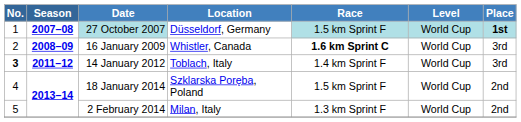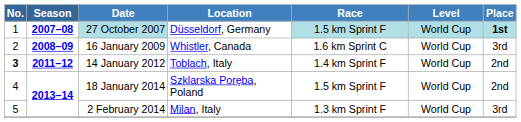 <table class="wikitable sortable" style="font-size:95%; text-align:center; border:grey solid 1px; border-collapse:collapse; background:#ffffff;">
 <tr style="background:#efefef;">
 <th style="background-color:#369; color:white;">No.</th>
 <th style="background-color:#369; color:white;">Season</th>
 <th style="background-color:#4180be; color:white; width:120px;">Date</th>
 <th style="background-color:#4180be; color:white; width:170px;">Location</th>
 <th style="background-color:#4180be; color:white; width:160px;">Race</th>
 <th style="background-color:#4180be; color:white; width:100px;">Level</th>
 <th style="background-color:#4180be; color:white;">Place</th>
 </tr>
 <tr>
 <td align=center>1</td>
 <td rowspan=1 align=center><strong><a href='#'>2007–08</a></strong></td>
 <td bgcolor="#BOEOE6" align=right>27 October 2007</td>
 <td align=left> <a href='#'>Düsseldorf</a>, Germany</td>
 <td bgcolor="#BOEOE6">1.5 km Sprint F</td>
 <td bgcolor="#BOEOE6">World Cup</td>
 <td bgcolor="#BOEOE6"><strong>1st</strong></td>
 </tr>
 <tr>
 <td align=center>2</td>
 <td rowspan=1 align=center><strong> <a href='#'>2008–09</a> </strong></td>
 <td align=right>16 January 2009</td>
 <td align=left> <a href='#'>Whistler</a>, Canada</td>
-<td><strong>1.6 km Sprint C</strong></td>
+<td>1.6 km Sprint C</td>
 <td>World Cup</td>
 <td>3rd</td>
 </tr>
 <tr>
 <td align=center><strong>3</strong></td>
 <td rowspan=1 align=center><strong> <a href='#'>2011–12</a> </strong></td>
 <td align=right>14 January 2012</td>
 <td align=left> <a href='#'>Toblach</a>, Italy</td>
 <td>1.4 km Sprint F</td>
 <td>World Cup</td>
-<td>3rd</td>
+<td>2nd</td>
 </tr>
 <tr>
 <td align=center>4</td>
 <td rowspan=2 align=center><strong> <a href='#'>2013–14</a> </strong></td>
 <td align=right>18 January 2014</td>
 <td align=left> <a href='#'>Szklarska Poręba</a>, Poland</td>
 <td>1.5 km Sprint F</td>
 <td>World Cup</td>
 <td>2nd</td>
 </tr>
 <tr>
 <td align=center>5</td>
 <td align=right>2 February 2014</td>
 <td align=left> <a href='#'>Milan</a>, Italy</td>
 <td>1.3 km Sprint F</td>
 <td>World Cup</td>
-<td>2nd</td>
+<td>3rd</td>
 </tr>
 <tr>
 </tr>
 </table>
